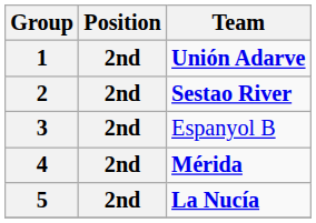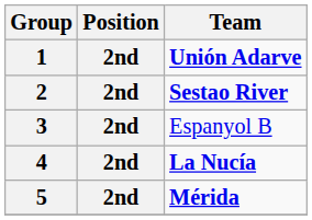 <table class="wikitable">
 <tr>
 <th>Group</th>
 <th>Position</th>
 <th>Team</th>
 </tr>
 <tr>
 <th>1</th>
 <th>2nd</th>
 <td><strong><a href='#'>Unión Adarve</a></strong></td>
 </tr>
 <tr>
 <th>2</th>
 <th>2nd</th>
 <td><strong><a href='#'>Sestao River</a></strong></td>
 </tr>
 <tr>
 <th>3</th>
 <th>2nd</th>
 <td><a href='#'>Espanyol B</a></td>
 </tr>
 <tr>
 <th>4</th>
 <th>2nd</th>
-<td><strong><a href='#'>Mérida</a></strong></td>
+<td><strong><a href='#'>La Nucía</a></strong></td>
 </tr>
 <tr>
 <th>5</th>
 <th>2nd</th>
-<td><strong><a href='#'>La Nucía</a></strong></td>
+<td><strong><a href='#'>Mérida</a></strong></td>
 </tr>
 <tr>
 </tr>
 </table>
